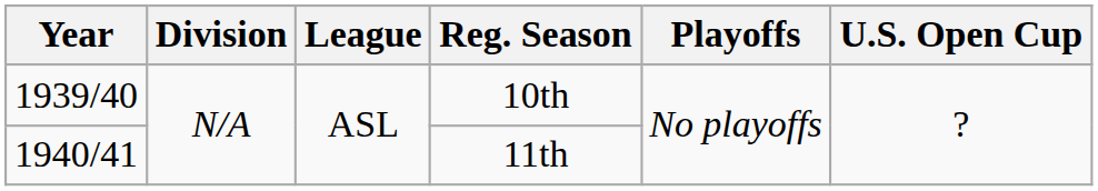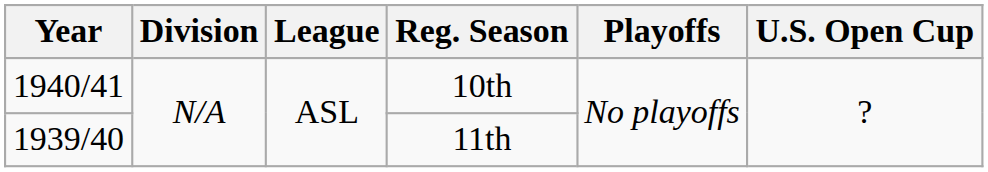 <table class="wikitable" style="text-align:center">
 <tr>
 <th>Year</th>
 <th>Division</th>
 <th>League</th>
 <th>Reg. Season</th>
 <th>Playoffs</th>
 <th>U.S. Open Cup</th>
 </tr>
 <tr>
-<td>1939/40</td>
+<td>1940/41</td>
 <td rowspan=2><em>N/A</em></td>
 <td rowspan=2>ASL</td>
 <td>10th</td>
 <td rowspan=2><em>No playoffs</em></td>
 <td rowspan=2>?</td>
 </tr>
 <tr>
-<td>1940/41</td>
+<td>1939/40</td>
 <td>11th</td>
 </tr>
 </table>
